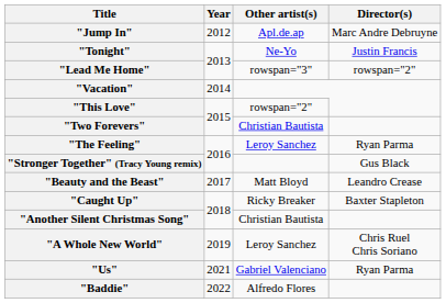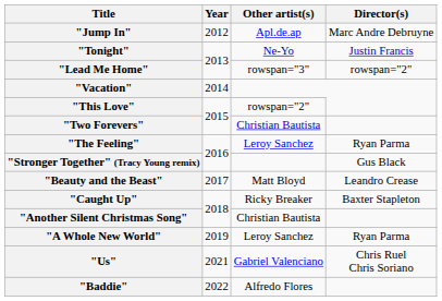 <table class="wikitable plainrowheaders" style="text-align:center">
 <tr>
 <th scope="col">Title</th>
 <th scope="col">Year</th>
 <th scope="col">Other artist(s)</th>
 <th scope="col">Director(s)</th>
 </tr>
 <tr>
 <th scope="row">"Jump In"</th>
 <td>2012</td>
 <td><a href='#'>Apl.de.ap</a></td>
 <td>Marc Andre Debruyne</td>
 </tr>
 <tr>
 <th scope="row">"Tonight"</th>
 <td rowspan="2">2013</td>
 <td><a href='#'>Ne-Yo</a></td>
 <td><a href='#'>Justin Francis</a></td>
 </tr>
 <tr>
 <th scope="row">"Lead Me Home"</th>
 <td>rowspan="3" </td>
 <td>rowspan="2" </td>
 </tr>
 <tr>
 <th scope="row">"Vacation"</th>
 <td>2014</td>
 </tr>
 <tr>
 <th scope="row">"This Love"</th>
 <td rowspan="2">2015</td>
 <td>rowspan="2" </td>
 </tr>
 <tr>
 <th scope="row">"Two Forevers"</th>
 <td><a href='#'>Christian Bautista</a></td>
 <td></td>
 </tr>
 <tr>
 <th scope="row">"The Feeling"</th>
 <td rowspan="2">2016</td>
 <td><a href='#'>Leroy Sanchez</a></td>
 <td>Ryan Parma</td>
 </tr>
 <tr>
 <th scope="row">"Stronger Together" <small> (Tracy Young remix)</small></th>
 <td></td>
 <td>Gus Black</td>
 </tr>
 <tr>
 <th scope="row">"Beauty and the Beast"</th>
 <td>2017</td>
 <td>Matt Bloyd</td>
 <td>Leandro Crease</td>
 </tr>
 <tr>
 <th scope="row">"Caught Up"</th>
 <td rowspan="2">2018</td>
 <td>Ricky Breaker</td>
 <td>Baxter Stapleton</td>
 </tr>
 <tr>
 <th scope="row">"Another Silent Christmas Song"</th>
 <td>Christian Bautista</td>
 <td></td>
 </tr>
 <tr>
 <th scope="row">"A Whole New World"</th>
 <td>2019</td>
 <td>Leroy Sanchez</td>
-<td>Chris Ruel<br>Chris Soriano</td>
+<td>Ryan Parma</td>
 </tr>
 <tr>
 <th scope="row">"Us"</th>
 <td>2021</td>
 <td><a href='#'>Gabriel Valenciano</a></td>
-<td>Ryan Parma</td>
+<td>Chris Ruel<br>Chris Soriano</td>
 </tr>
 <tr>
 <th scope="row">"Baddie"</th>
 <td>2022</td>
 <td>Alfredo Flores</td>
 </tr>
 </table>
